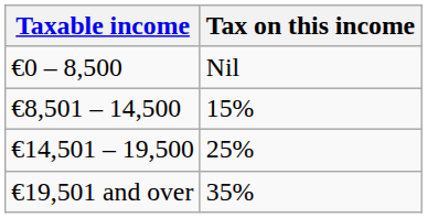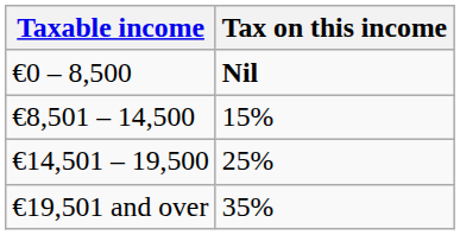 <table class="wikitable">
 <tr>
 <th><a href='#'>Taxable income</a></th>
 <th>Tax on this income</th>
 </tr>
 <tr>
 <td>€0 – 8,500</td>
-<td>Nil</td>
+<td><strong>Nil</strong></td>
 </tr>
 <tr>
 <td>€8,501 – 14,500</td>
 <td>15%</td>
 </tr>
 <tr>
 <td>€14,501 – 19,500</td>
 <td>25%</td>
 </tr>
 <tr>
 <td>€19,501 and over</td>
 <td>35%</td>
 </tr>
 </table>
